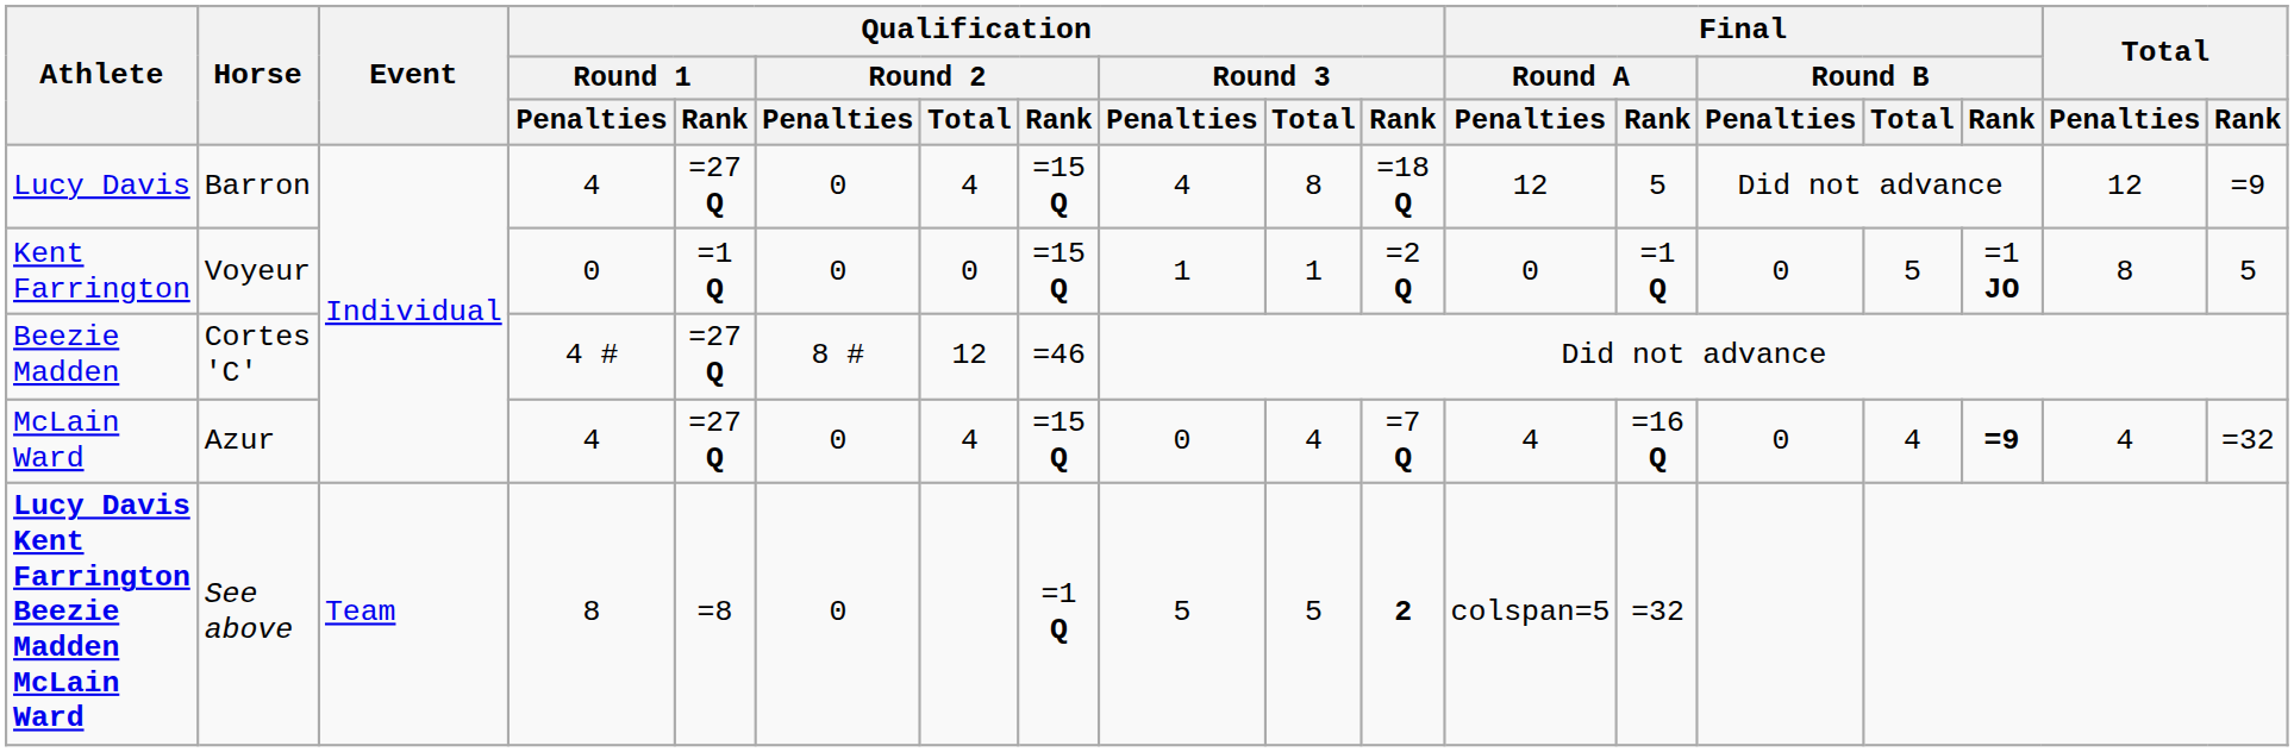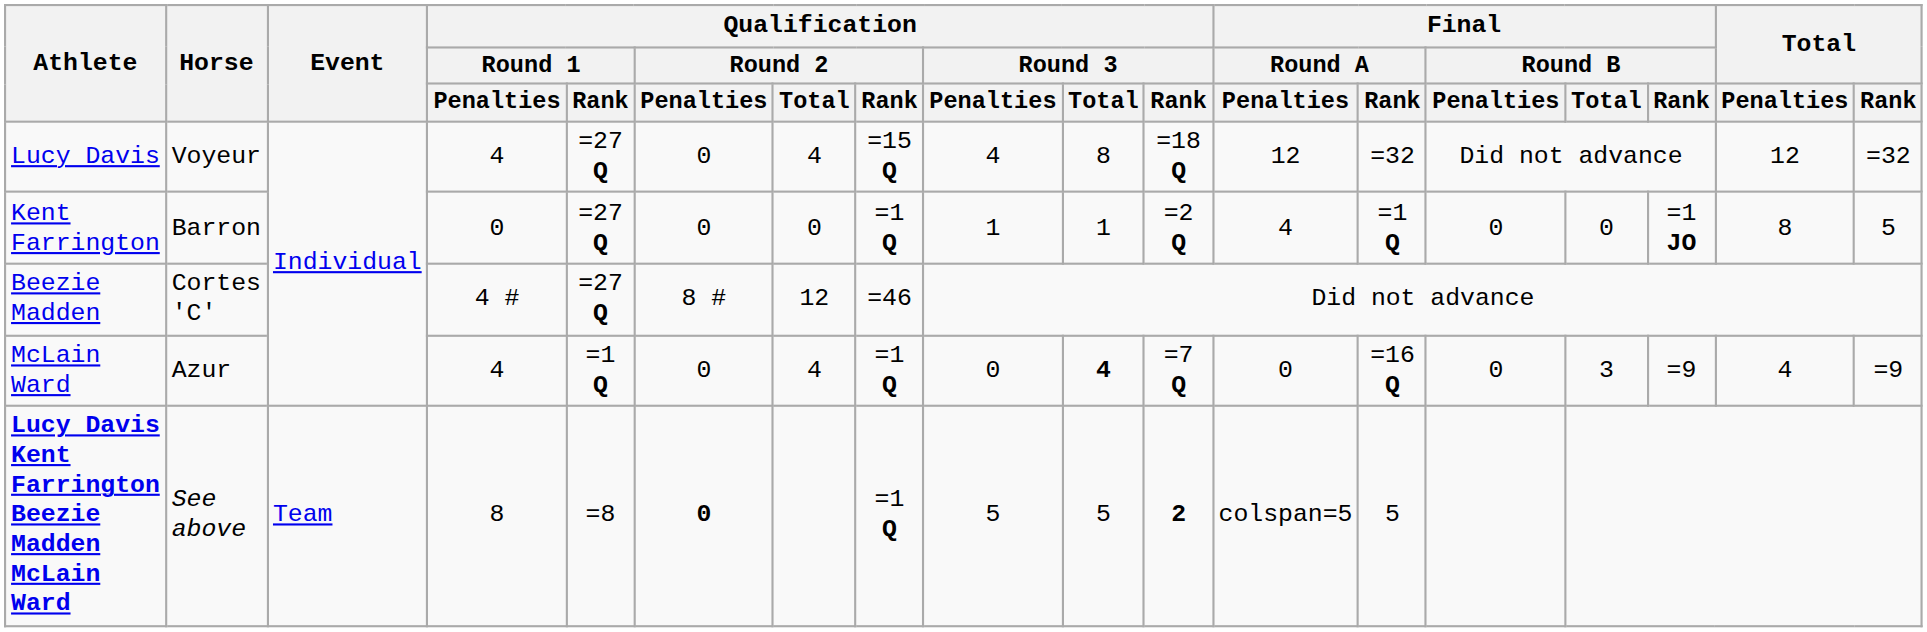 <table class=wikitable style=font-size:90%;text-align:center>
 <tr>
 <th rowspan=3>Athlete</th>
 <th rowspan=3>Horse</th>
 <th rowspan=3>Event</th>
 <th colspan=8>Qualification</th>
 <th colspan=5>Final</th>
 <th rowspan=2 colspan=2>Total</th>
 </tr>
 <tr style=font-size:95%>
 <th colspan=2>Round 1</th>
 <th colspan=3>Round 2</th>
 <th colspan=3>Round 3</th>
 <th colspan=2>Round A</th>
 <th colspan=3>Round B</th>
 </tr>
 <tr style=font-size:95%>
 <th>Penalties</th>
 <th>Rank</th>
 <th>Penalties</th>
 <th>Total</th>
 <th>Rank</th>
 <th>Penalties</th>
 <th>Total</th>
 <th>Rank</th>
 <th>Penalties</th>
 <th>Rank</th>
 <th>Penalties</th>
 <th>Total</th>
 <th>Rank</th>
 <th>Penalties</th>
 <th>Rank</th>
 </tr>
 <tr>
 <td align=left><a href='#'>Lucy Davis</a></td>
-<td align=left>Barron</td>
+<td align=left>Voyeur</td>
 <td align=left rowspan=4><a href='#'>Individual</a></td>
 <td>4</td>
 <td>=27 <strong>Q</strong></td>
 <td>0</td>
 <td>4</td>
 <td>=15 <strong>Q</strong></td>
 <td>4</td>
 <td>8</td>
 <td>=18 <strong>Q</strong></td>
 <td>12</td>
-<td>5</td>
+<td>=32</td>
 <td colspan=3>Did not advance</td>
 <td>12</td>
-<td>=9</td>
+<td>=32</td>
 </tr>
 <tr>
 <td align=left><a href='#'>Kent Farrington</a></td>
-<td align=left>Voyeur</td>
+<td align=left>Barron</td>
 <td>0</td>
+<td>=27 <strong>Q</strong></td>
+<td>0</td>
+<td>0</td>
+<td>=1 <strong>Q</strong></td>
+<td>1</td>
+<td>1</td>
+<td>=2 <strong>Q</strong></td>
+<td>4</td>
 <td>=1 <strong>Q</strong></td>
 <td>0</td>
 <td>0</td>
-<td>=15 <strong>Q</strong></td>
-<td>1</td>
-<td>1</td>
-<td>=2 <strong>Q</strong></td>
-<td>0</td>
-<td>=1 <strong>Q</strong></td>
-<td>0</td>
-<td>5</td>
 <td>=1 <strong>JO</strong></td>
 <td>8</td>
 <td>5</td>
 </tr>
 <tr>
 <td align=left><a href='#'>Beezie Madden</a></td>
 <td align=left>Cortes 'C'</td>
 <td>4 #</td>
 <td>=27 <strong>Q</strong></td>
 <td>8 #</td>
 <td>12</td>
 <td>=46</td>
 <td colspan=10>Did not advance</td>
 </tr>
 <tr>
 <td align=left><a href='#'>McLain Ward</a></td>
 <td align=left>Azur</td>
 <td>4</td>
-<td>=27 <strong>Q</strong></td>
+<td>=1 <strong>Q</strong></td>
 <td>0</td>
 <td>4</td>
-<td>=15 <strong>Q</strong></td>
+<td>=1 <strong>Q</strong></td>
 <td>0</td>
-<td>4</td>
+<td><strong>4</strong></td>
 <td>=7 <strong>Q</strong></td>
-<td>4</td>
+<td>0</td>
 <td>=16 <strong>Q</strong></td>
 <td>0</td>
+<td>3</td>
+<td>=9</td>
 <td>4</td>
-<td><strong>=9</strong></td>
-<td>4</td>
-<td>=32</td>
+<td>=9</td>
 </tr>
 <tr>
 <td align=left><strong><a href='#'>Lucy Davis</a><br><a href='#'>Kent Farrington</a><br><a href='#'>Beezie Madden</a><br><a href='#'>McLain Ward</a></strong></td>
 <td align=left><em>See above</em></td>
 <td align=left><a href='#'>Team</a></td>
 <td>8</td>
 <td>=8</td>
-<td>0</td>
+<td><strong>0</strong></td>
 <td></td>
 <td>=1 <strong>Q</strong></td>
 <td>5</td>
 <td>5</td>
 <td><strong>2</strong></td>
 <td>colspan=5 </td>
-<td>=32</td>
+<td>5</td>
 <td></td>
 </tr>
 </table>
